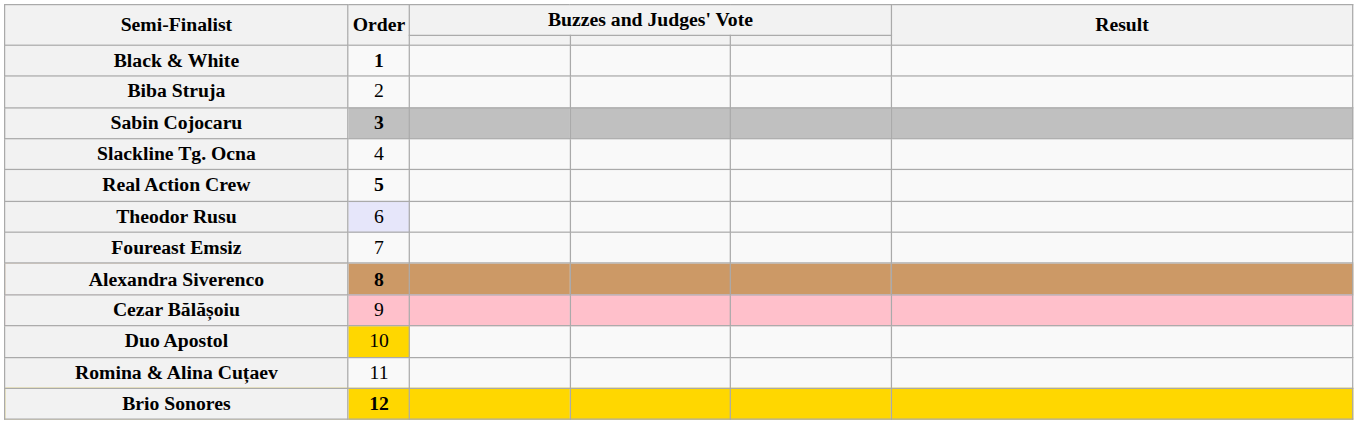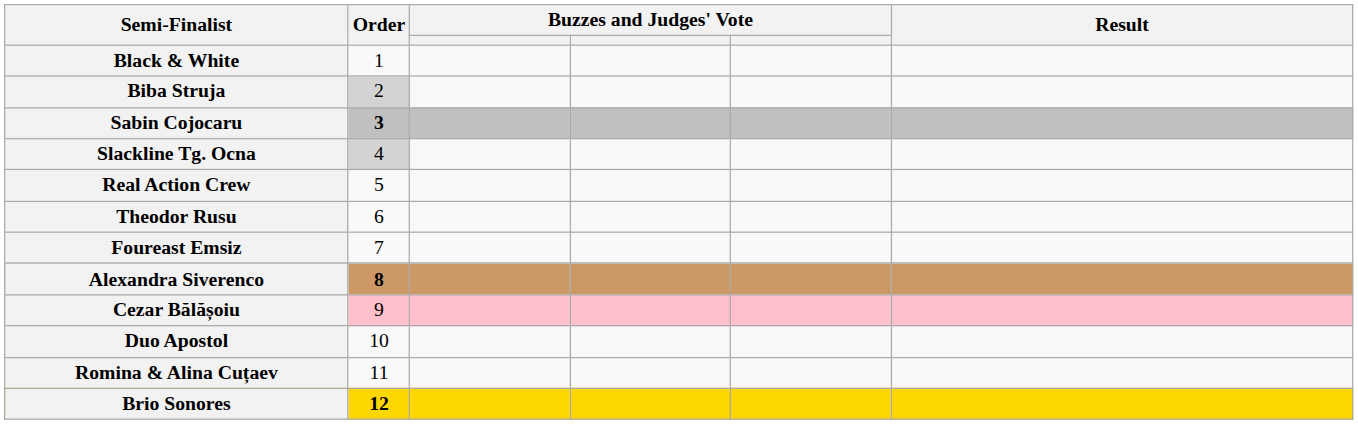 <table class="wikitable plainrowheaders sortable" style="text-align:center;">
 <tr>
 <th scope="col" rowspan=2 class="unsortable" style="width:17em;">Semi-Finalist</th>
 <th scope="col" rowspan=2 style="width:1em;">Order</th>
 <th scope="col" colspan=3 class="unsortable" style="width:24em;">Buzzes and Judges' Vote</th>
 <th scope="col" rowspan=2 style="width:23em;">Result</th>
 </tr>
 <tr>
 <th scope="col" class="unsortable" style="width:6em;"></th>
 <th scope="col" class="unsortable" style="width:6em;"></th>
 <th scope="col" class="unsortable" style="width:6em;"></th>
 </tr>
 <tr>
 <th scope="row">Black & White</th>
-<td><strong>1</strong></td>
+<td>1</td>
 <td style="text-align:center;"></td>
 <td style="text-align:center;"></td>
 <td style="text-align:center;"></td>
 <td></td>
 </tr>
 <tr>
 <th scope="row">Biba Struja </th>
-<td>2</td>
+<td style="background: lightgrey;">2</td>
 <td style="text-align:center;"></td>
 <td style="text-align:center;"></td>
 <td style="text-align:center;"></td>
 <td></td>
 </tr>
 <tr style="background:silver;">
 <th scope="row"><strong>Sabin Cojocaru</strong></th>
 <td><strong>3</strong></td>
 <td style="text-align:center;"></td>
 <td style="text-align:center;"></td>
 <td style="text-align:center;"></td>
 <td><strong></strong></td>
 </tr>
 <tr>
 <th scope="row">Slackline Tg. Ocna</th>
-<td>4</td>
+<td style="background: lightgrey;">4</td>
 <td style="text-align:center;"></td>
 <td style="text-align:center;"></td>
 <td style="text-align:center;"></td>
 <td></td>
 </tr>
 <tr>
 <th scope="row">Real Action Crew</th>
-<td><strong>5</strong></td>
+<td>5</td>
 <td style="text-align:center;"></td>
 <td style="text-align:center;"></td>
 <td style="text-align:center;"></td>
 <td></td>
 </tr>
 <tr>
 <th scope="row">Theodor Rusu</th>
-<td style="background: lavender;">6</td>
+<td>6</td>
 <td style="text-align:center;"></td>
 <td style="text-align:center;"></td>
 <td style="text-align:center;"></td>
 <td></td>
 </tr>
 <tr>
 <th scope="row">Foureast Emsiz</th>
 <td>7</td>
 <td style="text-align:center;"></td>
 <td style="text-align:center;"></td>
 <td style="text-align:center;"></td>
 <td></td>
 </tr>
 <tr style="background:#c96;">
 <th scope="row"><strong>Alexandra Siverenco</strong></th>
 <td><strong>8</strong></td>
 <td style="text-align:center;"></td>
 <td style="text-align:center;"></td>
 <td style="text-align:center;"></td>
 <td><strong></strong></td>
 </tr>
 <tr style="background:pink;">
 <th scope="row">Cezar Bălășoiu</th>
 <td>9</td>
 <td style="text-align:center;"></td>
 <td style="text-align:center;"></td>
 <td style="text-align:center;"></td>
 <td><strong></strong></td>
 </tr>
 <tr>
 <th scope="row">Duo Apostol</th>
-<td style="background: gold;">10</td>
+<td>10</td>
 <td style="text-align:center;"></td>
 <td style="text-align:center;"></td>
 <td style="text-align:center;"></td>
 <td></td>
 </tr>
 <tr>
 <th scope="row">Romina & Alina Cuțaev</th>
 <td>11</td>
 <td style="text-align:center;"></td>
 <td style="text-align:center;"></td>
 <td style="text-align:center;"></td>
 <td></td>
 </tr>
 <tr style="background:gold;">
 <th scope="row"><strong>Brio Sonores</strong></th>
 <td><strong>12</strong></td>
 <td style="text-align:center;"></td>
 <td style="text-align:center;"></td>
 <td style="text-align:center;"></td>
 <td><strong></strong></td>
 </tr>
 </table>
